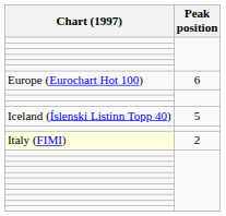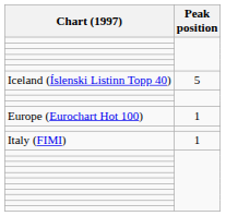 <table class="wikitable plainrowheaders sortable">
 <tr>
 <th>Chart (1997)</th>
 <th>Peak<br>position</th>
 </tr>
 <tr>
 <td></td>
 </tr>
 <tr>
 <td></td>
 </tr>
 <tr>
 <td></td>
 </tr>
 <tr>
 <td></td>
 </tr>
 <tr>
 <td></td>
 </tr>
 <tr>
 <td></td>
 </tr>
 <tr>
-<td>Europe (<a href='#'>Eurochart Hot 100</a>)</td>
-<td align="center">6</td>
+<td>Iceland (<a href='#'>Íslenski Listinn Topp 40</a>)</td>
+<td align="center">5</td>
 </tr>
 <tr>
 <td></td>
 </tr>
 <tr>
 <td></td>
 </tr>
 <tr>
 <td></td>
 </tr>
 <tr>
-<td>Iceland (<a href='#'>Íslenski Listinn Topp 40</a>)</td>
-<td align="center">5</td>
+<td>Europe (<a href='#'>Eurochart Hot 100</a>)</td>
+<td align="center">1</td>
 </tr>
 <tr>
 <td></td>
 </tr>
 <tr>
-<td style="background: lightyellow;">Italy (<a href='#'>FIMI</a>)</td>
-<td align="center">2</td>
+<td>Italy (<a href='#'>FIMI</a>)</td>
+<td align="center">1</td>
 </tr>
 <tr>
 <td></td>
 </tr>
 <tr>
 <td></td>
 </tr>
 <tr>
 <td></td>
 </tr>
 <tr>
 <td></td>
 </tr>
 <tr>
 <td></td>
 </tr>
 <tr>
 <td></td>
 </tr>
 <tr>
 <td></td>
 </tr>
 <tr>
 <td></td>
 </tr>
 <tr>
 <td></td>
 </tr>
 <tr>
 <td></td>
 </tr>
 <tr>
 <td></td>
 </tr>
 </table>
